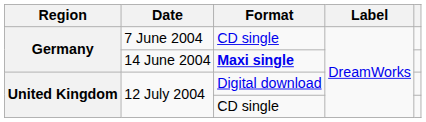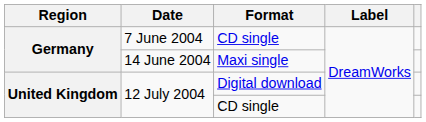 <table class="wikitable plainrowheaders">
 <tr>
 <th>Region</th>
 <th>Date</th>
 <th>Format</th>
 <th>Label</th>
 <th></th>
 </tr>
 <tr>
 <th scope="row" rowspan="2">Germany</th>
 <td>7 June 2004</td>
 <td><a href='#'>CD single</a></td>
 <td rowspan="4"><a href='#'>DreamWorks</a></td>
 <td></td>
 </tr>
 <tr>
 <td>14 June 2004</td>
-<td><strong><a href='#'>Maxi single</a></strong></td>
+<td><a href='#'>Maxi single</a></td>
 <td></td>
 </tr>
 <tr>
 <th scope="row" rowspan="2">United Kingdom</th>
 <td rowspan="2">12 July 2004</td>
 <td><a href='#'>Digital download</a></td>
 <td></td>
 </tr>
 <tr>
 <td>CD single</td>
 <td></td>
 </tr>
 </table>
